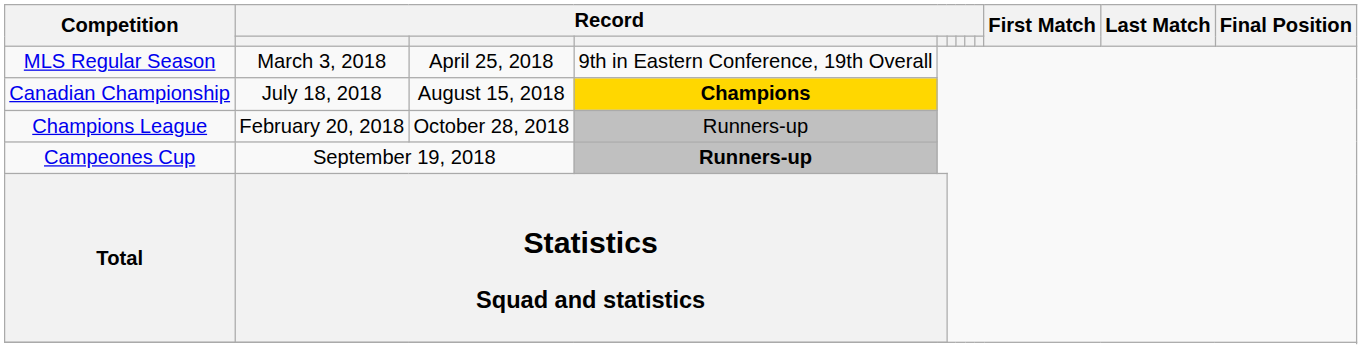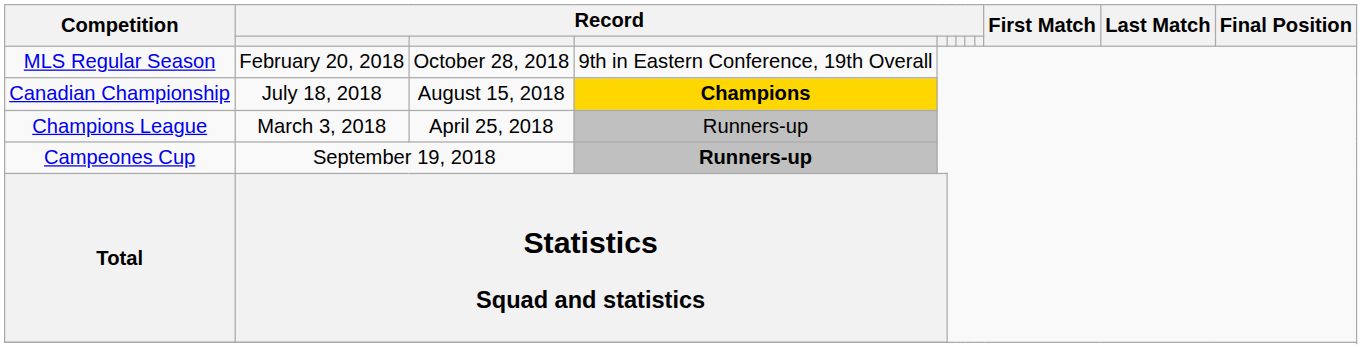 <table class="wikitable" style="text-align: center">
 <tr>
 <th rowspan="2">Competition</th>
 <th colspan="8">Record</th>
 <th rowspan="2">First Match</th>
 <th rowspan="2">Last Match</th>
 <th rowspan="2">Final Position</th>
 </tr>
 <tr>
 <th></th>
 <th></th>
 <th></th>
 <th></th>
 <th></th>
 <th></th>
 <th></th>
 <th></th>
 </tr>
 <tr>
 <td><a href='#'>MLS Regular Season</a><br></td>
-<td>March 3, 2018</td>
-<td>April 25, 2018</td>
+<td>February 20, 2018</td>
+<td>October 28, 2018</td>
 <td>9th in Eastern Conference, 19th Overall</td>
 </tr>
 <tr>
 <td><a href='#'>Canadian Championship</a><br></td>
 <td>July 18, 2018</td>
 <td>August 15, 2018</td>
 <td bgcolor=gold><strong>Champions</strong></td>
 </tr>
 <tr>
 <td><a href='#'>Champions League</a><br></td>
-<td>February 20, 2018</td>
-<td>October 28, 2018</td>
+<td>March 3, 2018</td>
+<td>April 25, 2018</td>
 <td bgcolor=silver>Runners-up</td>
 </tr>
 <tr>
 <td><a href='#'>Campeones Cup</a><br></td>
 <td colspan=2>September 19, 2018</td>
 <td bgcolor=silver><strong>Runners-up</strong></td>
 </tr>
 <tr>
 <th>Total<br></th>
 <th colspan=4><br><h2>Statistics</h2><h3>Squad and statistics</h3>                                  </th>
 </tr>
 <tr>
 </tr>
 </table>
